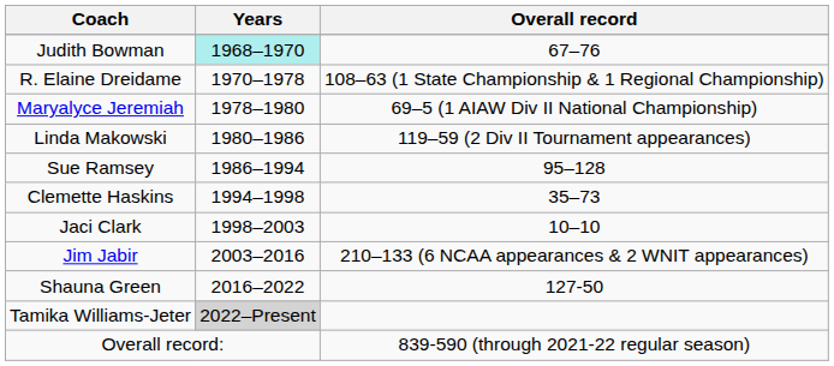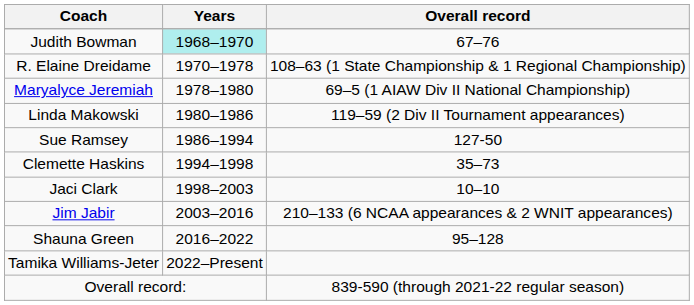 <table class="wikitable" style="text-align:center">
 <tr>
 <th>Coach</th>
 <th>Years</th>
 <th>Overall record</th>
 </tr>
 <tr>
 </tr>
 <tr>
 <td>Judith Bowman</td>
 <td style="background: paleturquoise;">1968–1970</td>
 <td>67–76</td>
 </tr>
 <tr>
 <td>R. Elaine Dreidame</td>
 <td>1970–1978</td>
 <td>108–63 (1 State Championship & 1 Regional Championship)</td>
 </tr>
 <tr>
 <td><a href='#'>Maryalyce Jeremiah</a></td>
 <td>1978–1980</td>
 <td>69–5 (1 AIAW Div II National Championship)</td>
 </tr>
 <tr>
 <td>Linda Makowski</td>
 <td>1980–1986</td>
 <td>119–59 (2 Div II Tournament appearances)</td>
 </tr>
 <tr>
 <td>Sue Ramsey</td>
 <td>1986–1994</td>
-<td>95–128</td>
+<td>127-50</td>
 </tr>
 <tr>
 <td>Clemette Haskins</td>
 <td>1994–1998</td>
 <td>35–73</td>
 </tr>
 <tr>
 <td>Jaci Clark</td>
 <td>1998–2003</td>
 <td>10–10</td>
 </tr>
 <tr>
 <td><a href='#'>Jim Jabir</a></td>
 <td>2003–2016</td>
 <td>210–133 (6 NCAA appearances & 2 WNIT appearances)</td>
 </tr>
 <tr>
 <td>Shauna Green</td>
 <td>2016–2022</td>
-<td>127-50</td>
+<td>95–128</td>
 </tr>
 <tr>
 <td>Tamika Williams-Jeter</td>
-<td style="background: lightgrey;">2022–Present</td>
+<td>2022–Present</td>
 <td></td>
 </tr>
 <tr>
 <td colspan=2>Overall record:</td>
 <td colspan=1>839-590 (through 2021-22 regular season)</td>
 </tr>
 </table>
